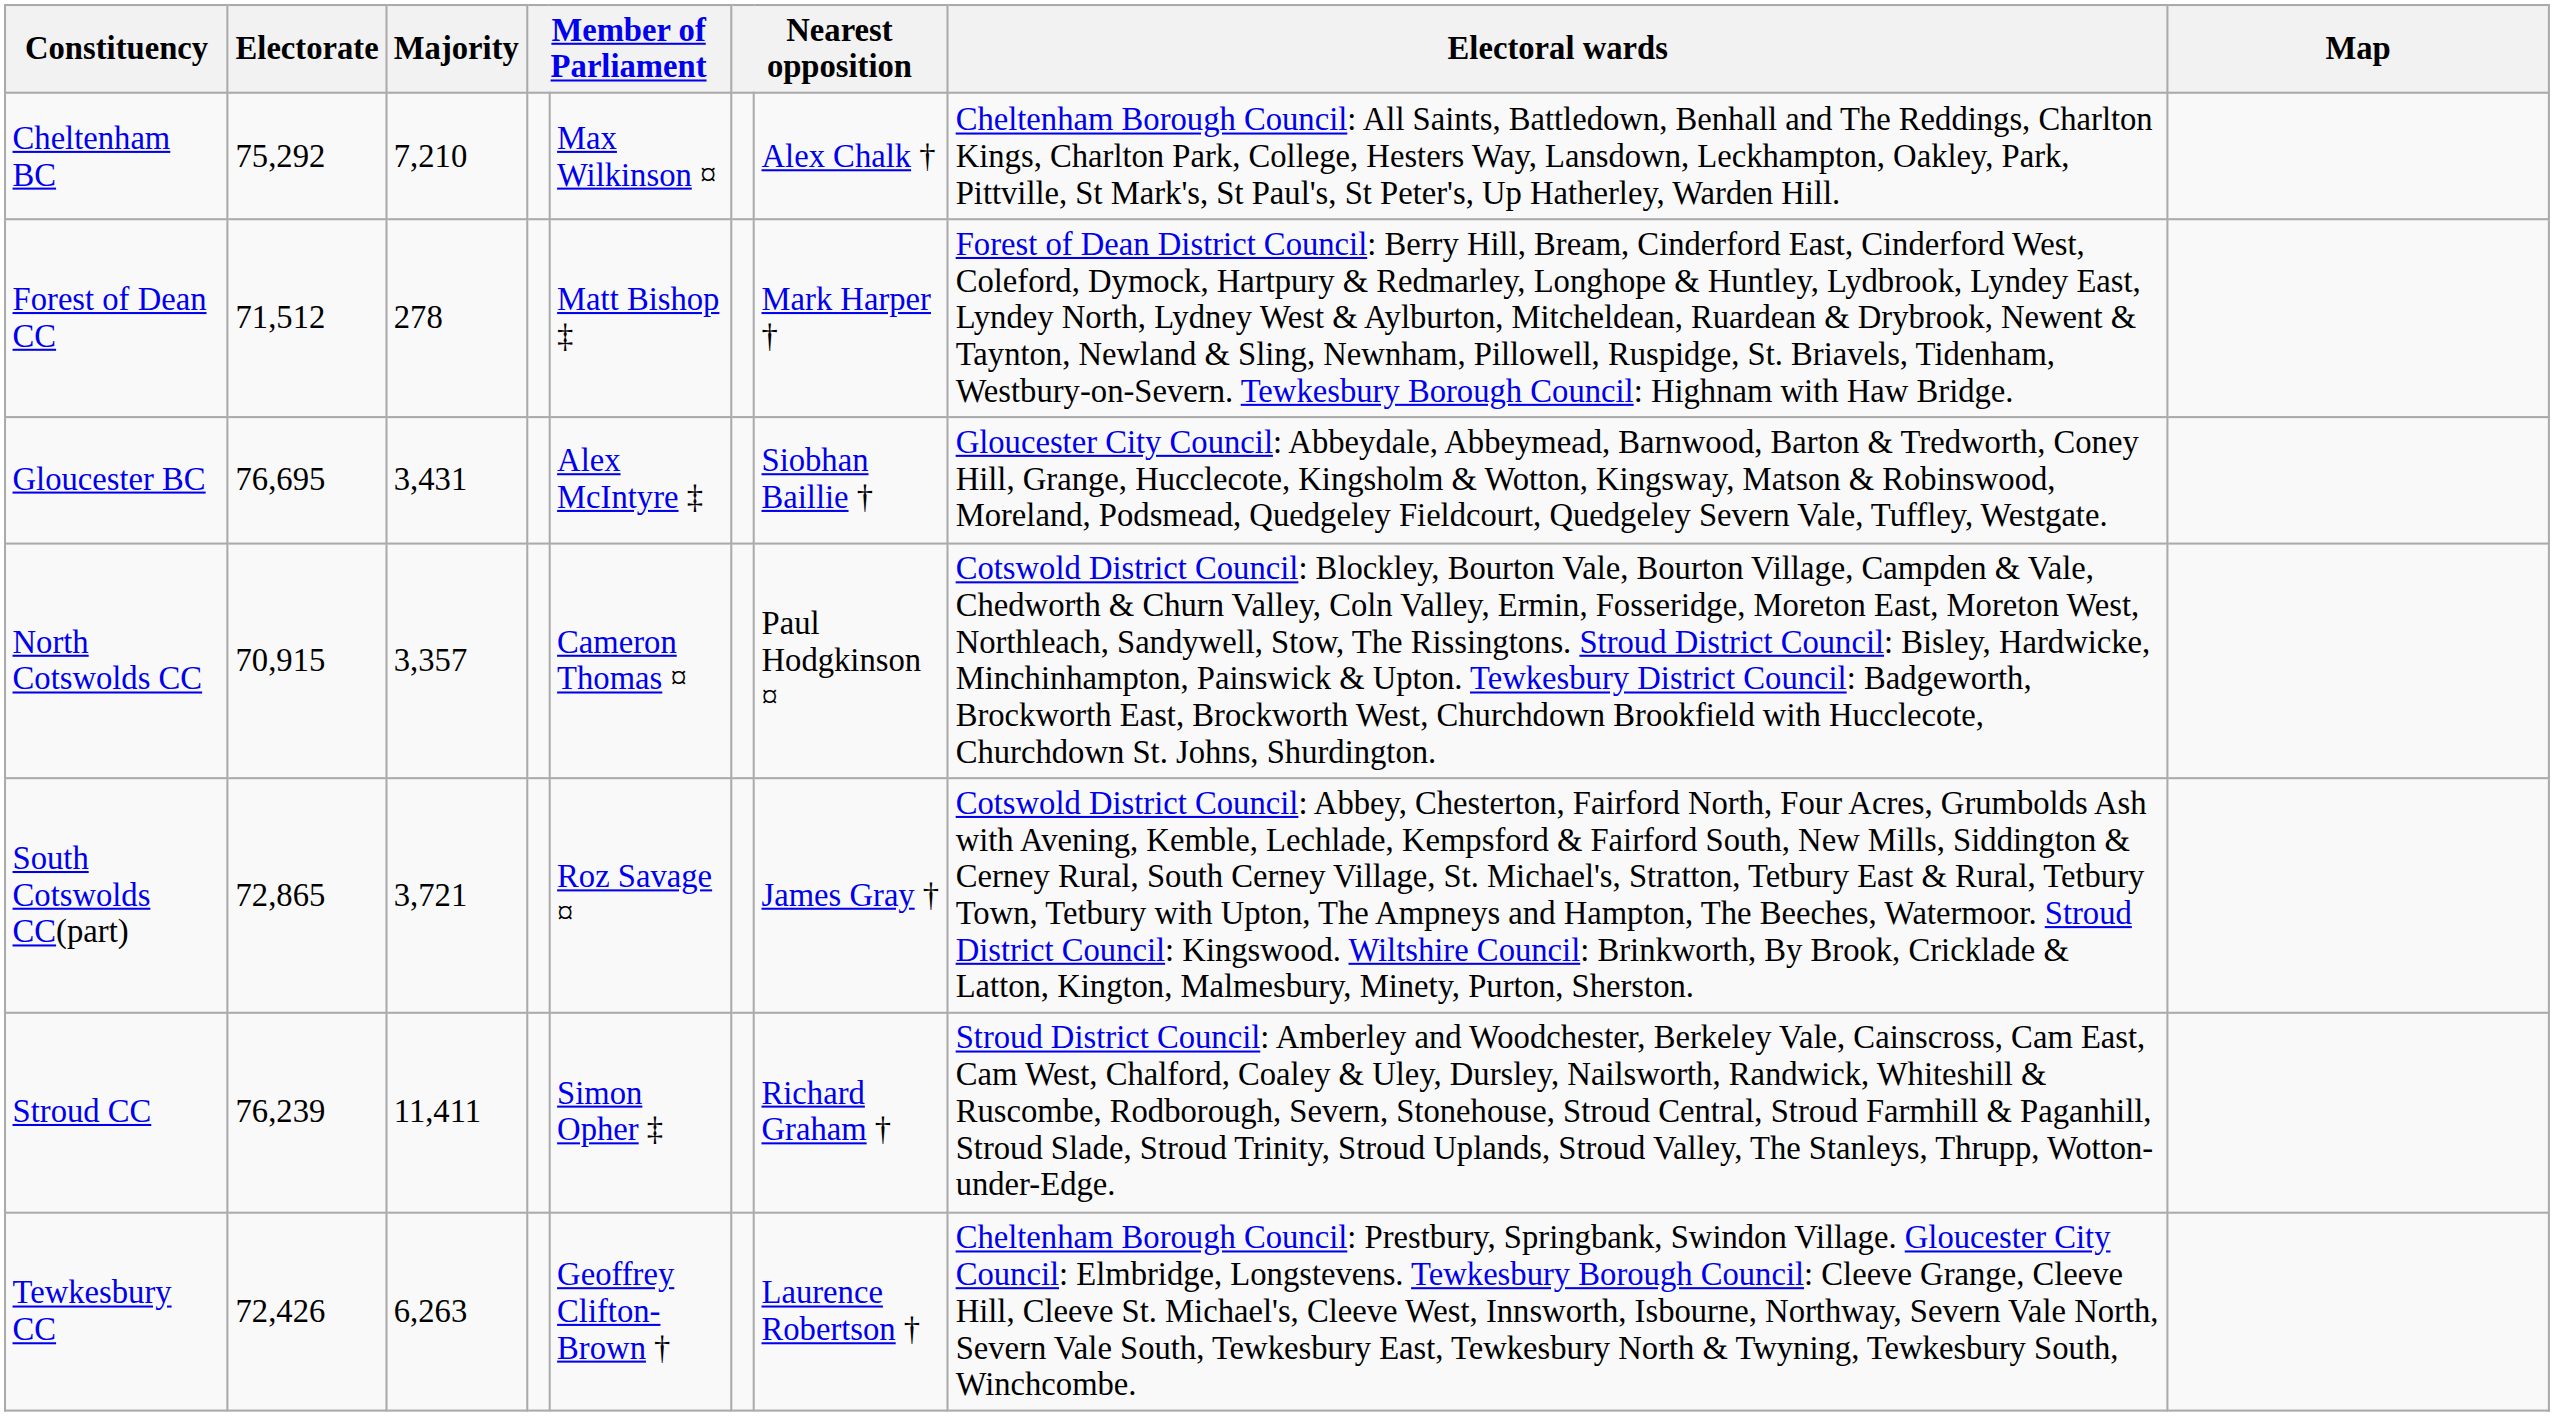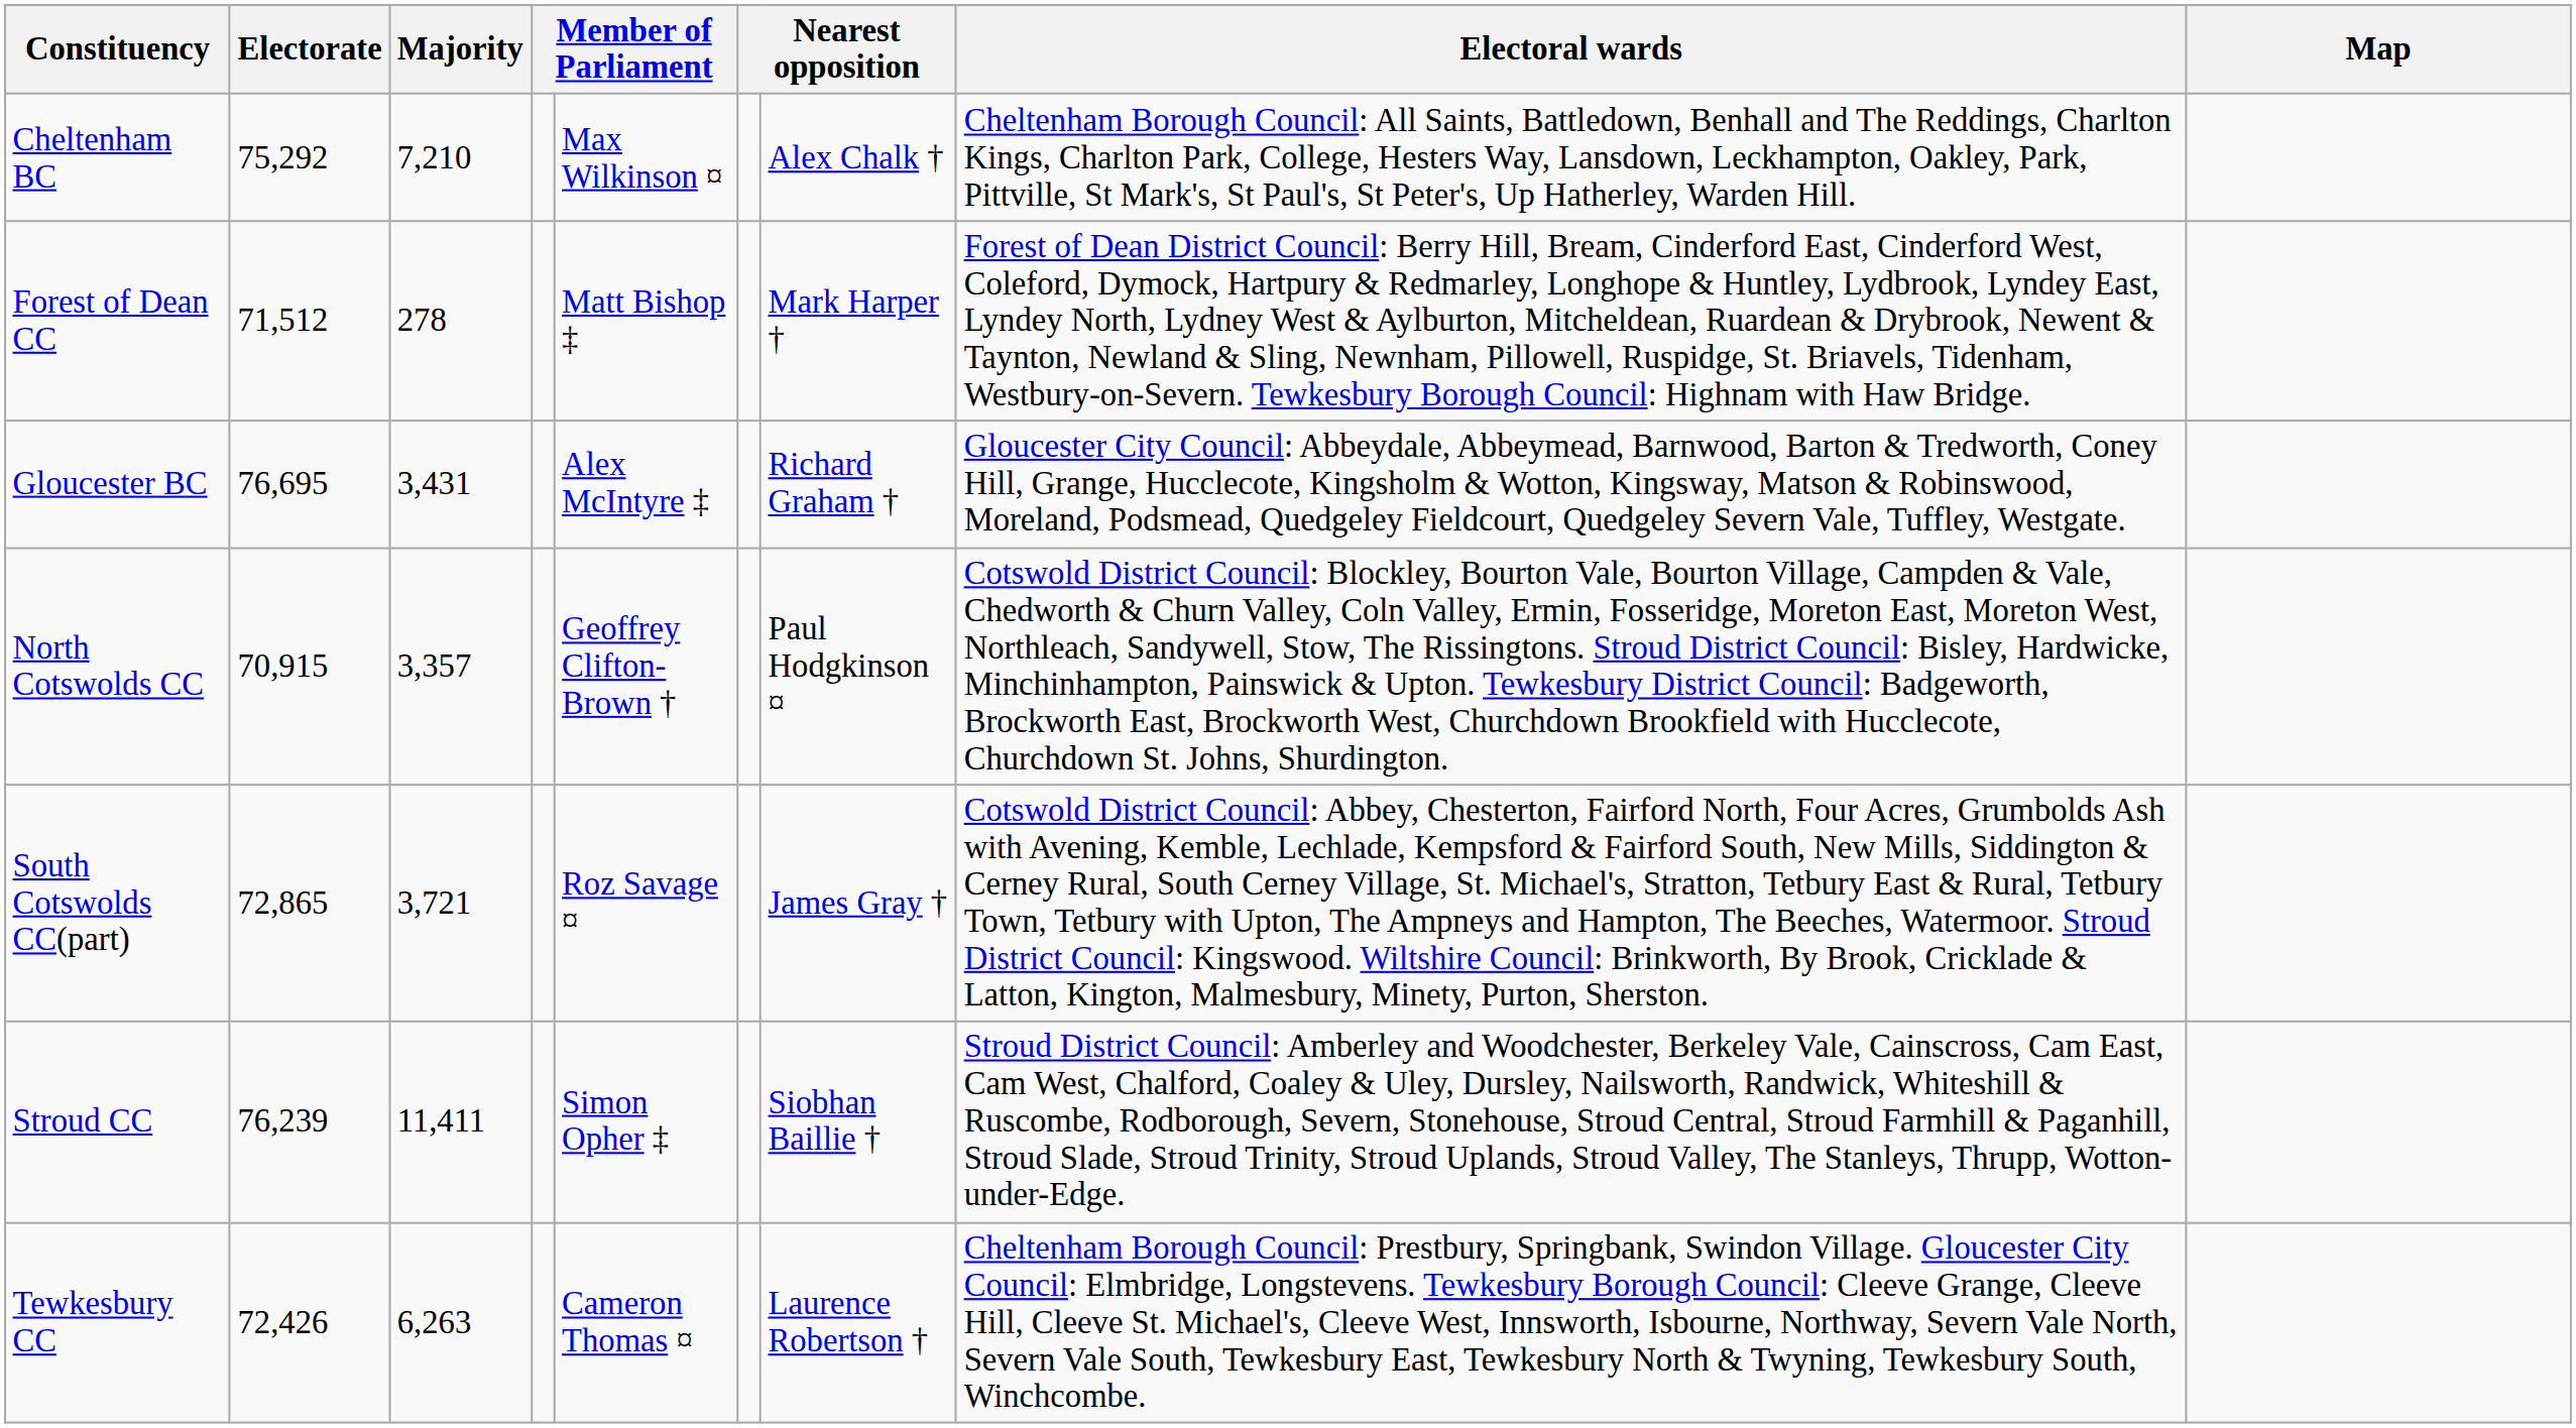 <table class="wikitable sortable">
 <tr>
 <th rowspan=1>Constituency</th>
 <th rowspan=1>Electorate</th>
 <th rowspan=1>Majority</th>
 <th colspan=2 class=unsortable><a href='#'>Member of Parliament</a></th>
 <th colspan=2 class=unsortable>Nearest opposition</th>
 <th rowspan=1 class=unsortable>Electoral wards</th>
 <th rowspan=1 class="unsortable" style="width:15%;">Map</th>
 </tr>
 <tr>
 <td><a href='#'>Cheltenham BC</a></td>
 <td>75,292</td>
 <td>7,210</td>
 <td style="color:inherit;background:"> </td>
 <td><a href='#'>Max Wilkinson</a> ¤</td>
 <td style="color:inherit;background:"></td>
 <td><a href='#'>Alex Chalk</a> †</td>
 <td><a href='#'>Cheltenham Borough Council</a>: All Saints, Battledown, Benhall and The Reddings, Charlton Kings, Charlton Park, College, Hesters Way, Lansdown, Leckhampton, Oakley, Park, Pittville, St Mark's, St Paul's, St Peter's, Up Hatherley, Warden Hill.</td>
 <td></td>
 </tr>
 <tr>
 <td><a href='#'>Forest of Dean CC</a></td>
 <td>71,512</td>
 <td>278</td>
 <td style="color:inherit;background:"> </td>
 <td><a href='#'>Matt Bishop</a> ‡</td>
 <td style="color:inherit;background:"> </td>
 <td><a href='#'>Mark Harper</a> †</td>
 <td><a href='#'>Forest of Dean District Council</a>: Berry Hill, Bream, Cinderford East, Cinderford West, Coleford, Dymock, Hartpury & Redmarley, Longhope & Huntley, Lydbrook, Lyndey East, Lyndey North, Lydney West & Aylburton, Mitcheldean, Ruardean & Drybrook, Newent & Taynton, Newland & Sling, Newnham, Pillowell, Ruspidge, St. Briavels, Tidenham, Westbury-on-Severn. <a href='#'>Tewkesbury Borough Council</a>: Highnam with Haw Bridge.</td>
 <td></td>
 </tr>
 <tr>
 <td><a href='#'>Gloucester BC</a></td>
 <td>76,695</td>
 <td>3,431</td>
 <td style="color:inherit;background:"> </td>
 <td><a href='#'>Alex McIntyre</a> ‡</td>
 <td style="color:inherit;background:"> </td>
-<td><a href='#'>Siobhan Baillie</a> †</td>
+<td><a href='#'>Richard Graham</a> †</td>
 <td><a href='#'>Gloucester City Council</a>: Abbeydale, Abbeymead, Barnwood, Barton & Tredworth, Coney Hill, Grange, Hucclecote, Kingsholm & Wotton, Kingsway, Matson & Robinswood, Moreland, Podsmead, Quedgeley Fieldcourt, Quedgeley Severn Vale, Tuffley, Westgate.</td>
 <td></td>
 </tr>
 <tr>
 <td><a href='#'>North Cotswolds CC</a></td>
 <td>70,915</td>
 <td>3,357</td>
 <td style="color:inherit;background:"> </td>
-<td><a href='#'>Cameron Thomas</a> ¤</td>
+<td><a href='#'>Geoffrey Clifton-Brown</a> †</td>
 <td style="color:inherit;background:"> </td>
 <td>Paul Hodgkinson ¤</td>
 <td><a href='#'>Cotswold District Council</a>: Blockley, Bourton Vale, Bourton Village, Campden & Vale, Chedworth & Churn Valley, Coln Valley, Ermin, Fosseridge, Moreton East, Moreton West, Northleach, Sandywell, Stow, The Rissingtons. <a href='#'>Stroud District Council</a>: Bisley, Hardwicke, Minchinhampton, Painswick & Upton. <a href='#'>Tewkesbury District Council</a>: Badgeworth, Brockworth East, Brockworth West, Churchdown Brookfield with Hucclecote, Churchdown St. Johns, Shurdington.</td>
 <td></td>
 </tr>
 <tr>
 <td><a href='#'>South Cotswolds CC</a>(part)</td>
 <td>72,865</td>
 <td>3,721</td>
 <td style="color:inherit;background:"> </td>
 <td><a href='#'>Roz Savage</a> ¤</td>
 <td style="color:inherit;background:"></td>
 <td><a href='#'>James Gray</a> †</td>
 <td><a href='#'>Cotswold District Council</a>: Abbey, Chesterton, Fairford North, Four Acres, Grumbolds Ash with Avening, Kemble, Lechlade, Kempsford & Fairford South, New Mills, Siddington & Cerney Rural, South Cerney Village, St. Michael's, Stratton, Tetbury East & Rural, Tetbury Town, Tetbury with Upton, The Ampneys and Hampton, The Beeches, Watermoor. <a href='#'>Stroud District Council</a>: Kingswood. <a href='#'>Wiltshire Council</a>: Brinkworth, By Brook, Cricklade & Latton, Kington, Malmesbury, Minety, Purton, Sherston.</td>
 <td></td>
 </tr>
 <tr>
 <td><a href='#'>Stroud CC</a></td>
 <td>76,239</td>
 <td>11,411</td>
 <td style="color:inherit;background:"> </td>
 <td><a href='#'>Simon Opher</a> ‡</td>
 <td style="color:inherit;background:"></td>
-<td><a href='#'>Richard Graham</a> †</td>
+<td><a href='#'>Siobhan Baillie</a> †</td>
 <td><a href='#'>Stroud District Council</a>: Amberley and Woodchester, Berkeley Vale, Cainscross, Cam East, Cam West, Chalford, Coaley & Uley, Dursley, Nailsworth, Randwick, Whiteshill & Ruscombe, Rodborough, Severn, Stonehouse, Stroud Central, Stroud Farmhill & Paganhill, Stroud Slade, Stroud Trinity, Stroud Uplands, Stroud Valley, The Stanleys, Thrupp, Wotton-under-Edge.</td>
 <td></td>
 </tr>
 <tr>
 <td><a href='#'>Tewkesbury CC</a></td>
 <td>72,426</td>
 <td>6,263</td>
 <td style="color:inherit;background:"> </td>
-<td><a href='#'>Geoffrey Clifton-Brown</a> †</td>
+<td><a href='#'>Cameron Thomas</a> ¤</td>
 <td style="color:inherit;background:"></td>
 <td><a href='#'>Laurence Robertson</a> †</td>
 <td><a href='#'>Cheltenham Borough Council</a>: Prestbury, Springbank, Swindon Village. <a href='#'>Gloucester City Council</a>: Elmbridge, Longstevens. <a href='#'>Tewkesbury Borough Council</a>: Cleeve Grange, Cleeve Hill, Cleeve St. Michael's, Cleeve West, Innsworth, Isbourne, Northway, Severn Vale North, Severn Vale South, Tewkesbury East, Tewkesbury North & Twyning, Tewkesbury South, Winchcombe.</td>
 <td></td>
 </tr>
 </table>
